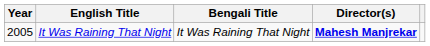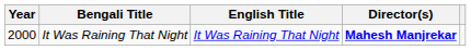 <table class="wikitable sortable">
 <tr>
 <th>Year</th>
+<th>Bengali Title</th>
 <th>English Title</th>
-<th>Bengali Title</th>
 <th>Director(s)</th>
 <th class="unsortable"></th>
 </tr>
 <tr>
-<td>2005</td>
+<td>2000</td>
+<td><em>It Was Raining That Night</em></td>
 <td><em><a href='#'>It Was Raining That Night</a></em></td>
-<td><em>It Was Raining That Night</em></td>
 <td><strong><a href='#'>Mahesh Manjrekar</a></strong></td>
 <td></td>
 </tr>
 </table>
